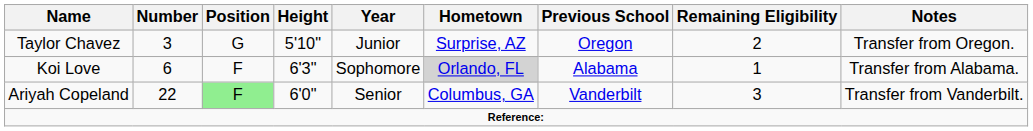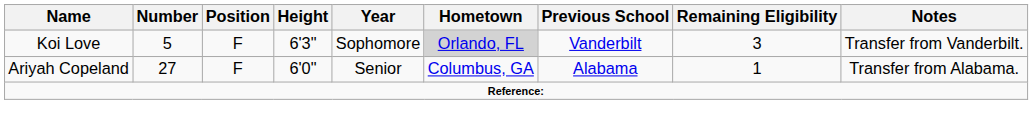 <table class="wikitable" style="text-align: center">
 <tr align=center>
 <th>Name</th>
 <th>Number</th>
 <th>Position</th>
 <th>Height</th>
 <th>Year</th>
 <th>Hometown</th>
 <th>Previous School</th>
 <th>Remaining Eligibility</th>
 <th>Notes</th>
 </tr>
 <tr>
-<td>Taylor Chavez</td>
-<td>3</td>
-<td>G</td>
-<td>5'10"</td>
-<td>Junior</td>
-<td><a href='#'>Surprise, AZ</a></td>
-<td><a href='#'>Oregon</a></td>
-<td>2</td>
-<td>Transfer from Oregon.</td>
-</tr>
-<tr>
 <td>Koi Love</td>
-<td>6</td>
+<td>5</td>
 <td>F</td>
 <td>6'3"</td>
 <td>Sophomore</td>
 <td style="background: lightgrey;"><a href='#'>Orlando, FL</a></td>
+<td><a href='#'>Vanderbilt</a></td>
+<td>3</td>
+<td>Transfer from Vanderbilt.</td>
+</tr>
+<tr>
+<td>Ariyah Copeland</td>
+<td>27</td>
+<td>F</td>
+<td>6'0"</td>
+<td>Senior</td>
+<td><a href='#'>Columbus, GA</a></td>
 <td><a href='#'>Alabama</a></td>
 <td>1</td>
 <td>Transfer from Alabama.</td>
 </tr>
 <tr>
-<td>Ariyah Copeland</td>
-<td>22</td>
-<td style="background: lightgreen;">F</td>
-<td>6'0"</td>
-<td>Senior</td>
-<td><a href='#'>Columbus, GA</a></td>
-<td><a href='#'>Vanderbilt</a></td>
-<td>3</td>
-<td>Transfer from Vanderbilt.</td>
-</tr>
-<tr>
 <td colspan="9" style="font-size:8pt; text-align:center;"><strong>Reference:</strong></td>
 </tr>
 </table>
